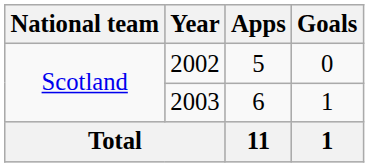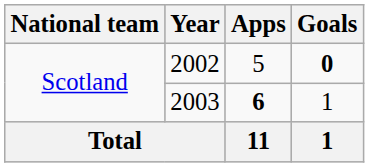 <table class="wikitable" style="text-align:center">
 <tr>
 <th>National team</th>
 <th>Year</th>
 <th>Apps</th>
 <th>Goals</th>
 </tr>
 <tr>
 <td rowspan="2"><a href='#'>Scotland</a></td>
 <td>2002</td>
 <td>5</td>
-<td>0</td>
+<td><strong>0</strong></td>
 </tr>
 <tr>
 <td>2003</td>
-<td>6</td>
+<td><strong>6</strong></td>
 <td>1</td>
 </tr>
 <tr>
 <th colspan="2">Total</th>
 <th>11</th>
 <th>1</th>
 </tr>
 </table>
